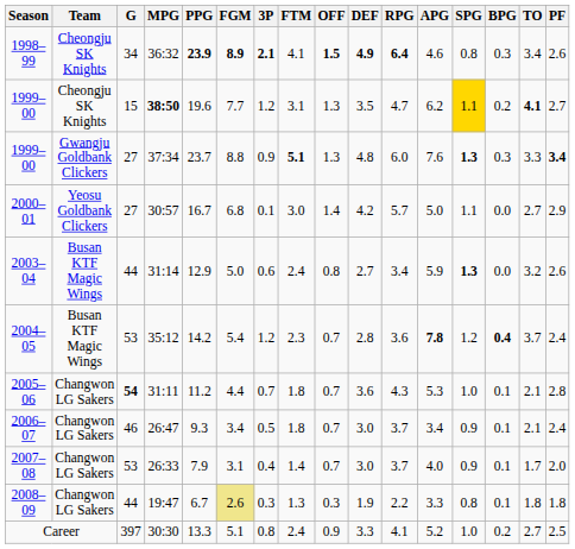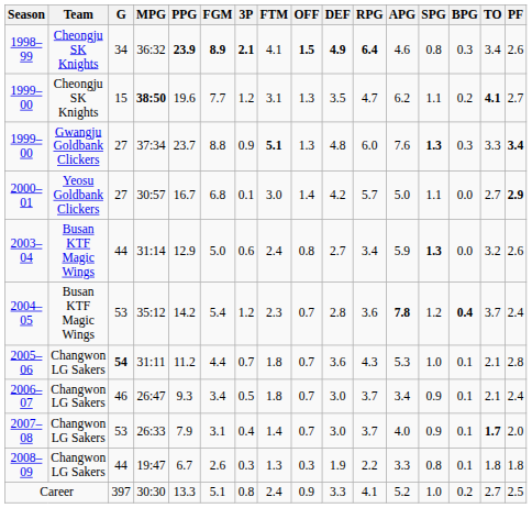 <table class="wikitable" style="text-align:center">
 <tr>
 <th>Season</th>
 <th>Team</th>
 <th>G</th>
 <th>MPG</th>
 <th>PPG</th>
 <th>FGM</th>
 <th>3P</th>
 <th>FTM</th>
 <th>OFF</th>
 <th>DEF</th>
 <th>RPG</th>
 <th>APG</th>
 <th>SPG</th>
 <th>BPG</th>
 <th>TO</th>
 <th>PF</th>
 </tr>
 <tr>
 <td><a href='#'>1998–99</a></td>
 <td><a href='#'>Cheongju SK Knights</a></td>
 <td>34</td>
 <td>36:32</td>
 <td><strong>23.9</strong></td>
 <td><strong>8.9</strong></td>
 <td><strong>2.1</strong></td>
 <td>4.1</td>
 <td><strong>1.5</strong></td>
 <td><strong>4.9</strong></td>
 <td><strong>6.4</strong></td>
 <td>4.6</td>
 <td>0.8</td>
 <td>0.3</td>
 <td>3.4</td>
 <td>2.6</td>
 </tr>
 <tr>
 <td><a href='#'>1999–00</a></td>
 <td>Cheongju SK Knights</td>
 <td>15</td>
 <td><strong>38:50</strong></td>
 <td>19.6</td>
 <td>7.7</td>
 <td>1.2</td>
 <td>3.1</td>
 <td>1.3</td>
 <td>3.5</td>
 <td>4.7</td>
 <td>6.2</td>
-<td style="background: gold;">1.1</td>
+<td>1.1</td>
 <td>0.2</td>
 <td><strong>4.1</strong></td>
 <td>2.7</td>
 </tr>
 <tr>
 <td><a href='#'>1999–00</a></td>
 <td><a href='#'>Gwangju Goldbank Clickers</a></td>
 <td>27</td>
 <td>37:34</td>
 <td>23.7</td>
 <td>8.8</td>
 <td>0.9</td>
 <td><strong>5.1</strong></td>
 <td>1.3</td>
 <td>4.8</td>
 <td>6.0</td>
 <td>7.6</td>
 <td><strong>1.3</strong></td>
 <td>0.3</td>
 <td>3.3</td>
 <td><strong>3.4</strong></td>
 </tr>
 <tr>
 <td><a href='#'>2000–01</a></td>
 <td><a href='#'>Yeosu Goldbank Clickers</a></td>
 <td>27</td>
 <td>30:57</td>
 <td>16.7</td>
 <td>6.8</td>
 <td>0.1</td>
 <td>3.0</td>
 <td>1.4</td>
 <td>4.2</td>
 <td>5.7</td>
 <td>5.0</td>
 <td>1.1</td>
 <td>0.0</td>
 <td>2.7</td>
-<td>2.9</td>
+<td><strong>2.9</strong></td>
 </tr>
 <tr>
 <td><a href='#'>2003–04</a></td>
 <td><a href='#'>Busan KTF Magic Wings</a></td>
 <td>44</td>
 <td>31:14</td>
 <td>12.9</td>
 <td>5.0</td>
 <td>0.6</td>
 <td>2.4</td>
 <td>0.8</td>
 <td>2.7</td>
 <td>3.4</td>
 <td>5.9</td>
 <td><strong>1.3</strong></td>
 <td>0.0</td>
 <td>3.2</td>
 <td>2.6</td>
 </tr>
 <tr>
 <td><a href='#'>2004–05</a></td>
 <td>Busan KTF Magic Wings</td>
 <td>53</td>
 <td>35:12</td>
 <td>14.2</td>
 <td>5.4</td>
 <td>1.2</td>
 <td>2.3</td>
 <td>0.7</td>
 <td>2.8</td>
 <td>3.6</td>
 <td><strong>7.8</strong></td>
 <td>1.2</td>
 <td><strong>0.4</strong></td>
 <td>3.7</td>
 <td>2.4</td>
 </tr>
 <tr>
 <td><a href='#'>2005–06</a></td>
 <td>Changwon LG Sakers</td>
 <td><strong>54</strong></td>
 <td>31:11</td>
 <td>11.2</td>
 <td>4.4</td>
 <td>0.7</td>
 <td>1.8</td>
 <td>0.7</td>
 <td>3.6</td>
 <td>4.3</td>
 <td>5.3</td>
 <td>1.0</td>
 <td>0.1</td>
 <td>2.1</td>
 <td>2.8</td>
 </tr>
 <tr>
 <td><a href='#'>2006–07</a></td>
 <td>Changwon LG Sakers</td>
 <td>46</td>
 <td>26:47</td>
 <td>9.3</td>
 <td>3.4</td>
 <td>0.5</td>
 <td>1.8</td>
 <td>0.7</td>
 <td>3.0</td>
 <td>3.7</td>
 <td>3.4</td>
 <td>0.9</td>
 <td>0.1</td>
 <td>2.1</td>
 <td>2.4</td>
 </tr>
 <tr>
 <td><a href='#'>2007–08</a></td>
 <td>Changwon LG Sakers</td>
 <td>53</td>
 <td>26:33</td>
 <td>7.9</td>
 <td>3.1</td>
 <td>0.4</td>
 <td>1.4</td>
 <td>0.7</td>
 <td>3.0</td>
 <td>3.7</td>
 <td>4.0</td>
 <td>0.9</td>
 <td>0.1</td>
-<td>1.7</td>
+<td><strong>1.7</strong></td>
 <td>2.0</td>
 </tr>
 <tr>
 <td><a href='#'>2008–09</a></td>
 <td>Changwon LG Sakers</td>
 <td>44</td>
 <td>19:47</td>
 <td>6.7</td>
-<td style="background: khaki;">2.6</td>
+<td>2.6</td>
 <td>0.3</td>
 <td>1.3</td>
 <td>0.3</td>
 <td>1.9</td>
 <td>2.2</td>
 <td>3.3</td>
 <td>0.8</td>
 <td>0.1</td>
 <td>1.8</td>
 <td>1.8</td>
 </tr>
 <tr>
 <td colspan="2">Career</td>
 <td>397</td>
 <td>30:30</td>
 <td>13.3</td>
 <td>5.1</td>
 <td>0.8</td>
 <td>2.4</td>
 <td>0.9</td>
 <td>3.3</td>
 <td>4.1</td>
 <td>5.2</td>
 <td>1.0</td>
 <td>0.2</td>
 <td>2.7</td>
 <td>2.5</td>
 </tr>
 </table>
